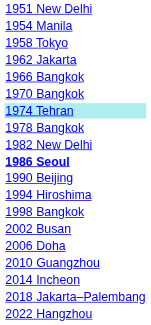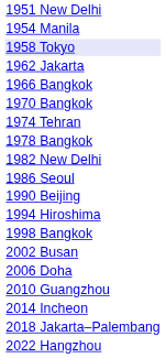 <table>
 <tr>
 <td><a href='#'>1951 New Delhi</a></td>
 <td></td>
 <td></td>
 <td></td>
 </tr>
 <tr>
 <td><a href='#'>1954 Manila</a></td>
 <td></td>
 <td></td>
 <td></td>
 </tr>
 <tr>
-<td><a href='#'>1958 Tokyo</a></td>
+<td style="background: lavender;"><a href='#'>1958 Tokyo</a></td>
 <td></td>
 <td></td>
 <td></td>
 </tr>
 <tr>
 <td><a href='#'>1962 Jakarta</a></td>
 <td></td>
 <td></td>
 <td></td>
 </tr>
 <tr>
 <td><a href='#'>1966 Bangkok</a></td>
 <td></td>
 <td></td>
 <td></td>
 </tr>
 <tr>
 <td><a href='#'>1970 Bangkok</a></td>
 <td></td>
 <td></td>
 <td></td>
 </tr>
 <tr>
-<td style="background: paleturquoise;"><a href='#'>1974 Tehran</a></td>
+<td><a href='#'>1974 Tehran</a></td>
 <td></td>
 <td></td>
 <td></td>
 </tr>
 <tr>
 <td><a href='#'>1978 Bangkok</a></td>
 <td></td>
 <td></td>
 <td></td>
 </tr>
 <tr>
 <td><a href='#'>1982 New Delhi</a></td>
 <td></td>
 <td></td>
 <td></td>
 </tr>
 <tr>
-<td><strong><a href='#'>1986 Seoul</a></strong></td>
+<td><a href='#'>1986 Seoul</a></td>
 <td></td>
 <td></td>
 <td></td>
 </tr>
 <tr>
 <td><a href='#'>1990 Beijing</a></td>
 <td></td>
 <td></td>
 <td></td>
 </tr>
 <tr>
 <td><a href='#'>1994 Hiroshima</a></td>
 <td></td>
 <td></td>
 <td></td>
 </tr>
 <tr>
 <td><a href='#'>1998 Bangkok</a></td>
 <td></td>
 <td></td>
 <td></td>
 </tr>
 <tr>
 <td><a href='#'>2002 Busan</a></td>
 <td></td>
 <td></td>
 <td></td>
 </tr>
 <tr>
 <td><a href='#'>2006 Doha</a></td>
 <td></td>
 <td></td>
 <td></td>
 </tr>
 <tr>
 <td><a href='#'>2010 Guangzhou</a></td>
 <td></td>
 <td></td>
 <td></td>
 </tr>
 <tr>
 <td><a href='#'>2014 Incheon</a></td>
 <td></td>
 <td></td>
 <td></td>
 </tr>
 <tr>
 <td><a href='#'>2018 Jakarta–Palembang</a></td>
 <td></td>
 <td></td>
 <td></td>
 </tr>
 <tr>
 <td><a href='#'>2022 Hangzhou</a></td>
 <td></td>
 <td></td>
 <td></td>
 </tr>
 </table>
